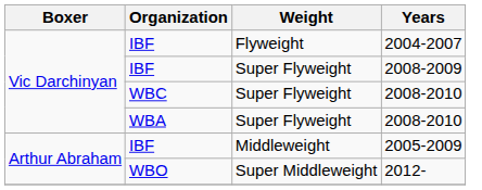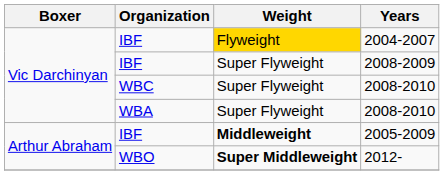 <table class="wikitable">
 <tr>
 <th>Boxer</th>
 <th>Organization</th>
 <th>Weight</th>
 <th>Years</th>
 </tr>
 <tr>
 <td rowspan="4"><a href='#'>Vic Darchinyan</a></td>
 <td><a href='#'>IBF</a></td>
-<td>Flyweight</td>
+<td style="background: gold;">Flyweight</td>
 <td>2004-2007</td>
 </tr>
 <tr>
 <td><a href='#'>IBF</a></td>
 <td>Super Flyweight</td>
 <td>2008-2009</td>
 </tr>
 <tr>
 <td><a href='#'>WBC</a></td>
 <td>Super Flyweight</td>
 <td>2008-2010</td>
 </tr>
 <tr>
 <td><a href='#'>WBA</a></td>
 <td>Super Flyweight</td>
 <td>2008-2010</td>
 </tr>
 <tr>
 <td rowspan="2"><a href='#'>Arthur Abraham</a></td>
 <td><a href='#'>IBF</a></td>
-<td>Middleweight</td>
+<td><strong>Middleweight</strong></td>
 <td>2005-2009</td>
 </tr>
 <tr>
 <td><a href='#'>WBO</a></td>
-<td>Super Middleweight</td>
+<td><strong>Super Middleweight</strong></td>
 <td>2012-</td>
 </tr>
 <tr>
 </tr>
 </table>
